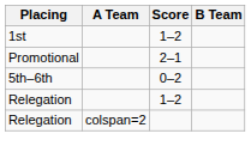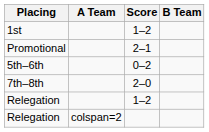 <table class=wikitable style="border:1px solid #AAAAAA;">
 <tr>
 <th>Placing</th>
 <th>A Team</th>
 <th>Score</th>
 <th>B Team</th>
 </tr>
 <tr>
 <td>1st</td>
 <td></td>
 <td align="center">1–2</td>
 <td><strong></strong></td>
 </tr>
 <tr>
 <td>Promotional</td>
 <td><strong></strong></td>
 <td align="center">2–1</td>
 <td></td>
 </tr>
 <tr>
 <td>5th–6th</td>
 <td></td>
 <td align="center">0–2</td>
 <td><strong></strong></td>
 </tr>
 <tr>
+<td>7th–8th</td>
+<td><strong></strong></td>
+<td align="center">2–0</td>
+<td></td>
+</tr>
+<tr>
 <td>Relegation</td>
 <td></td>
 <td align="center">1–2</td>
 <td><strong></strong></td>
 </tr>
 <tr>
 <td>Relegation</td>
 <td>colspan=2 </td>
 <td></td>
 </tr>
 </table>
